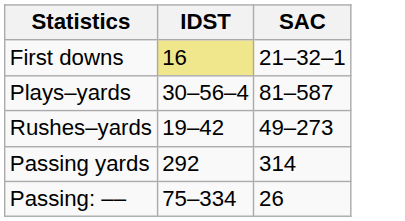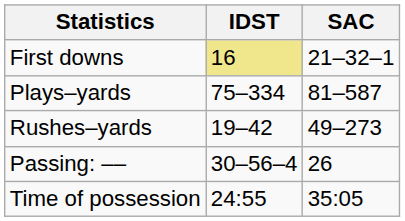 <table class="wikitable" style="float:left">
 <tr>
 <th>Statistics</th>
 <th>IDST</th>
 <th>SAC</th>
 </tr>
 <tr>
 <td>First downs</td>
 <td style="background: khaki;">16</td>
 <td>21–32–1</td>
 </tr>
 <tr>
 <td>Plays–yards</td>
-<td>30–56–4</td>
+<td>75–334</td>
 <td>81–587</td>
 </tr>
 <tr>
 <td>Rushes–yards</td>
 <td>19–42</td>
 <td>49–273</td>
 </tr>
 <tr>
-<td>Passing yards</td>
-<td>292</td>
-<td>314</td>
+<td>Passing: ––</td>
+<td>30–56–4</td>
+<td>26</td>
 </tr>
 <tr>
-<td>Passing: ––</td>
-<td>75–334</td>
-<td>26</td>
+<td>Time of possession</td>
+<td>24:55</td>
+<td>35:05</td>
 </tr>
 </table>
